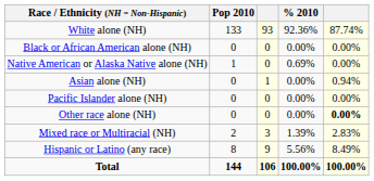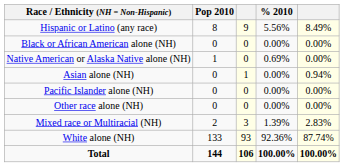 <table class="wikitable" style="text-align:center;">
 <tr>
 <th>Race / Ethnicity <small>(<em>NH = Non-Hispanic</em>)</small></th>
 <th>Pop 2010</th>
 <th></th>
 <th>% 2010</th>
 <th></th>
 </tr>
 <tr>
-<td><a href='#'>White</a> alone (NH)</td>
-<td>133</td>
-<td style='background: #ffffe6;'>93</td>
-<td>92.36%</td>
-<td style='background: #ffffe6;'>87.74%</td>
+<td><a href='#'>Hispanic or Latino</a> (any race)</td>
+<td>8</td>
+<td style='background: #ffffe6;'>9</td>
+<td>5.56%</td>
+<td style='background: #ffffe6;'>8.49%</td>
 </tr>
 <tr>
 <td><a href='#'>Black or African American</a> alone (NH)</td>
 <td>0</td>
 <td style='background: #ffffe6;'>0</td>
 <td>0.00%</td>
 <td style='background: #ffffe6;'>0.00%</td>
 </tr>
 <tr>
 <td><a href='#'>Native American</a> or <a href='#'>Alaska Native</a> alone (NH)</td>
 <td>1</td>
 <td style='background: #ffffe6;'>0</td>
 <td>0.69%</td>
 <td style='background: #ffffe6;'>0.00%</td>
 </tr>
 <tr>
 <td><a href='#'>Asian</a> alone (NH)</td>
 <td>0</td>
 <td style='background: #ffffe6;'>1</td>
 <td>0.00%</td>
 <td style='background: #ffffe6;'>0.94%</td>
 </tr>
 <tr>
 <td><a href='#'>Pacific Islander</a> alone (NH)</td>
 <td>0</td>
 <td style='background: #ffffe6;'>0</td>
 <td>0.00%</td>
 <td style='background: #ffffe6;'>0.00%</td>
 </tr>
 <tr>
 <td><a href='#'>Other race</a> alone (NH)</td>
 <td>0</td>
 <td style='background: #ffffe6;'>0</td>
 <td>0.00%</td>
-<td style='background: #ffffe6;'><strong>0.00%</strong></td>
+<td style='background: #ffffe6;'>0.00%</td>
 </tr>
 <tr>
 <td><a href='#'>Mixed race or Multiracial</a> (NH)</td>
 <td>2</td>
 <td style='background: #ffffe6;'>3</td>
 <td>1.39%</td>
 <td style='background: #ffffe6;'>2.83%</td>
 </tr>
 <tr>
-<td><a href='#'>Hispanic or Latino</a> (any race)</td>
-<td>8</td>
-<td style='background: #ffffe6;'>9</td>
-<td>5.56%</td>
-<td style='background: #ffffe6;'>8.49%</td>
+<td><a href='#'>White</a> alone (NH)</td>
+<td>133</td>
+<td style='background: #ffffe6;'>93</td>
+<td>92.36%</td>
+<td style='background: #ffffe6;'>87.74%</td>
 </tr>
 <tr>
 <td><strong>Total</strong></td>
 <td><strong>144</strong></td>
 <td style='background: #ffffe6;'><strong>106</strong></td>
 <td><strong>100.00%</strong></td>
 <td style='background: #ffffe6;'><strong>100.00%</strong></td>
 </tr>
 </table>
